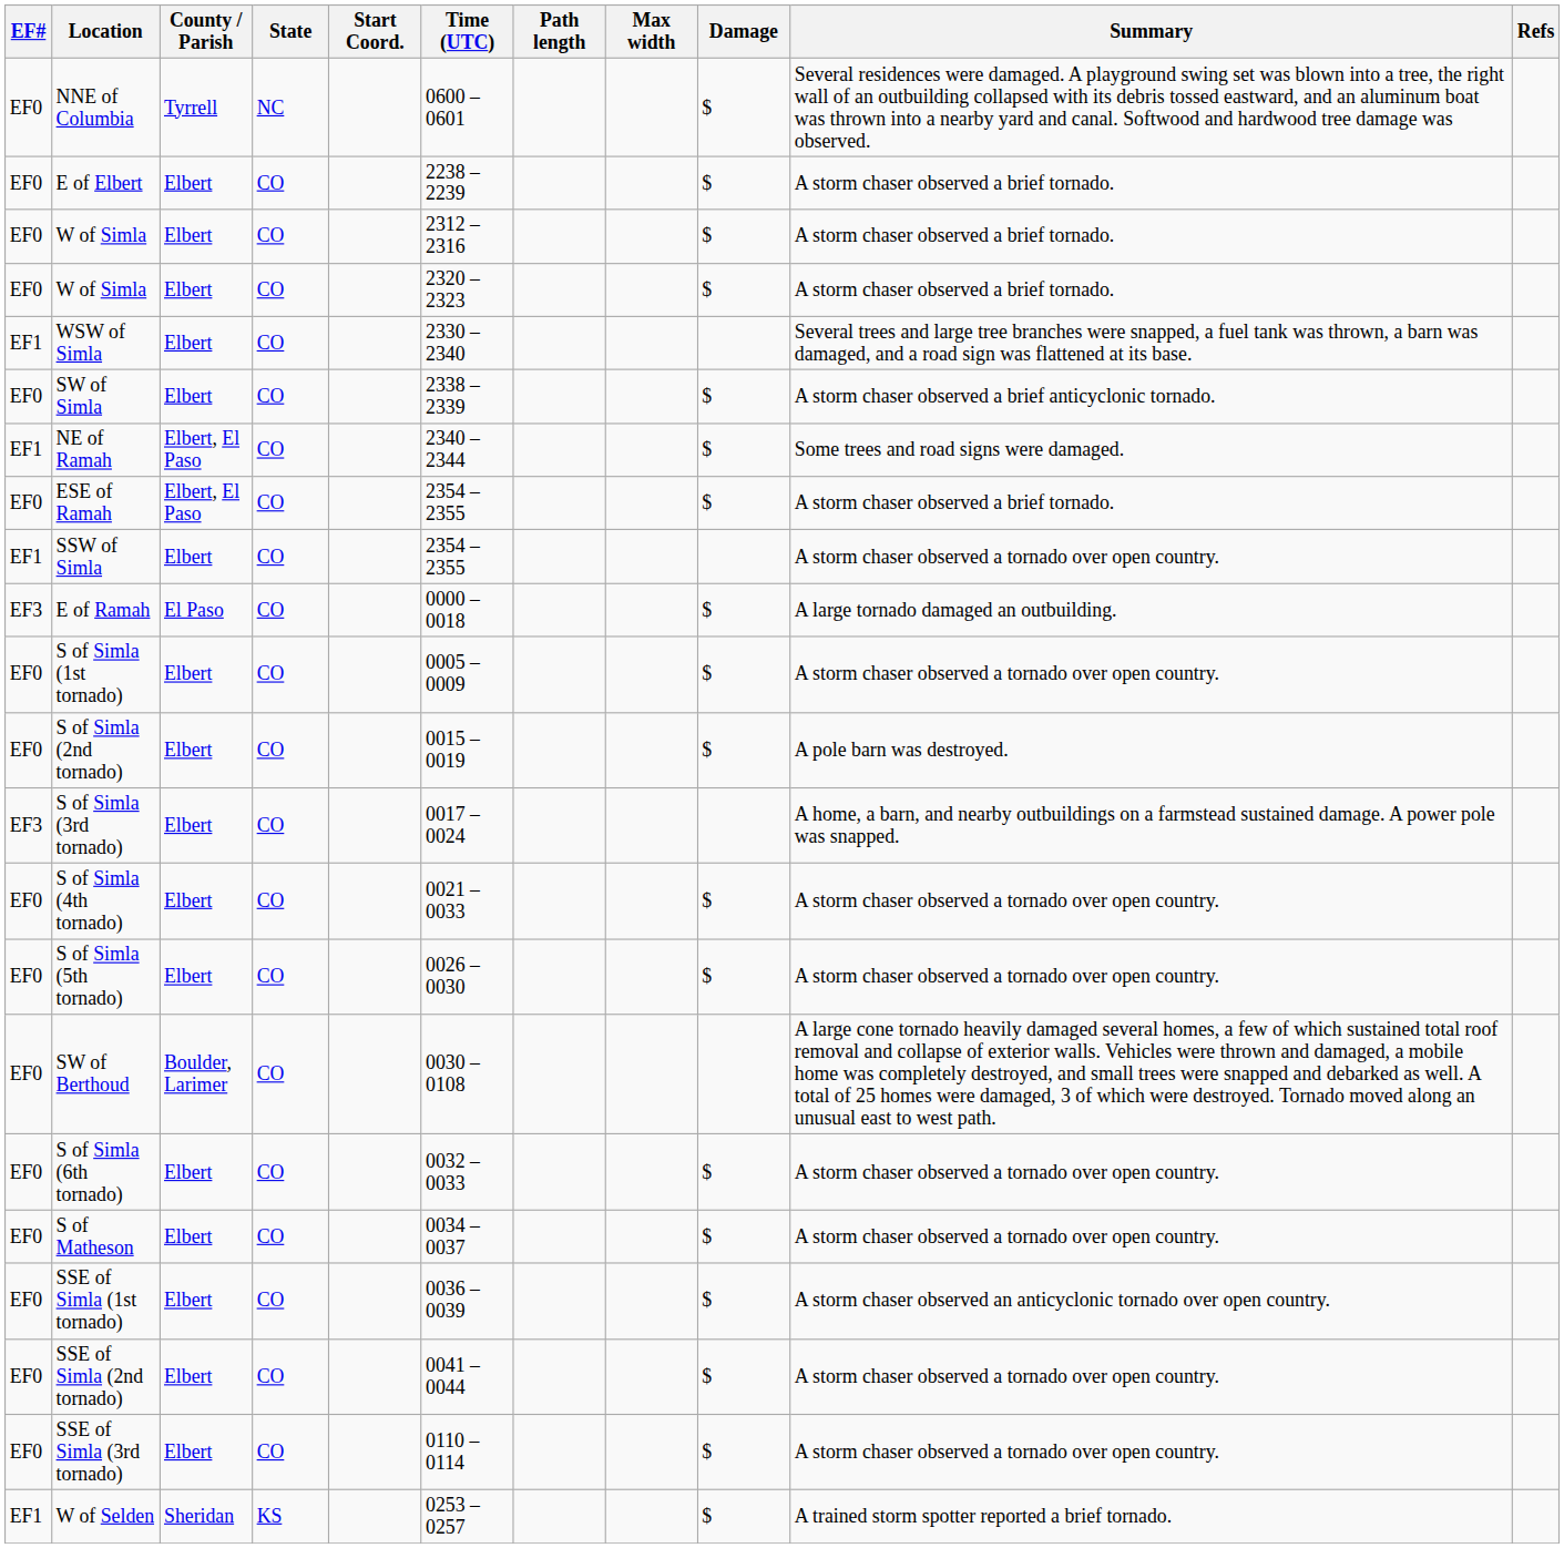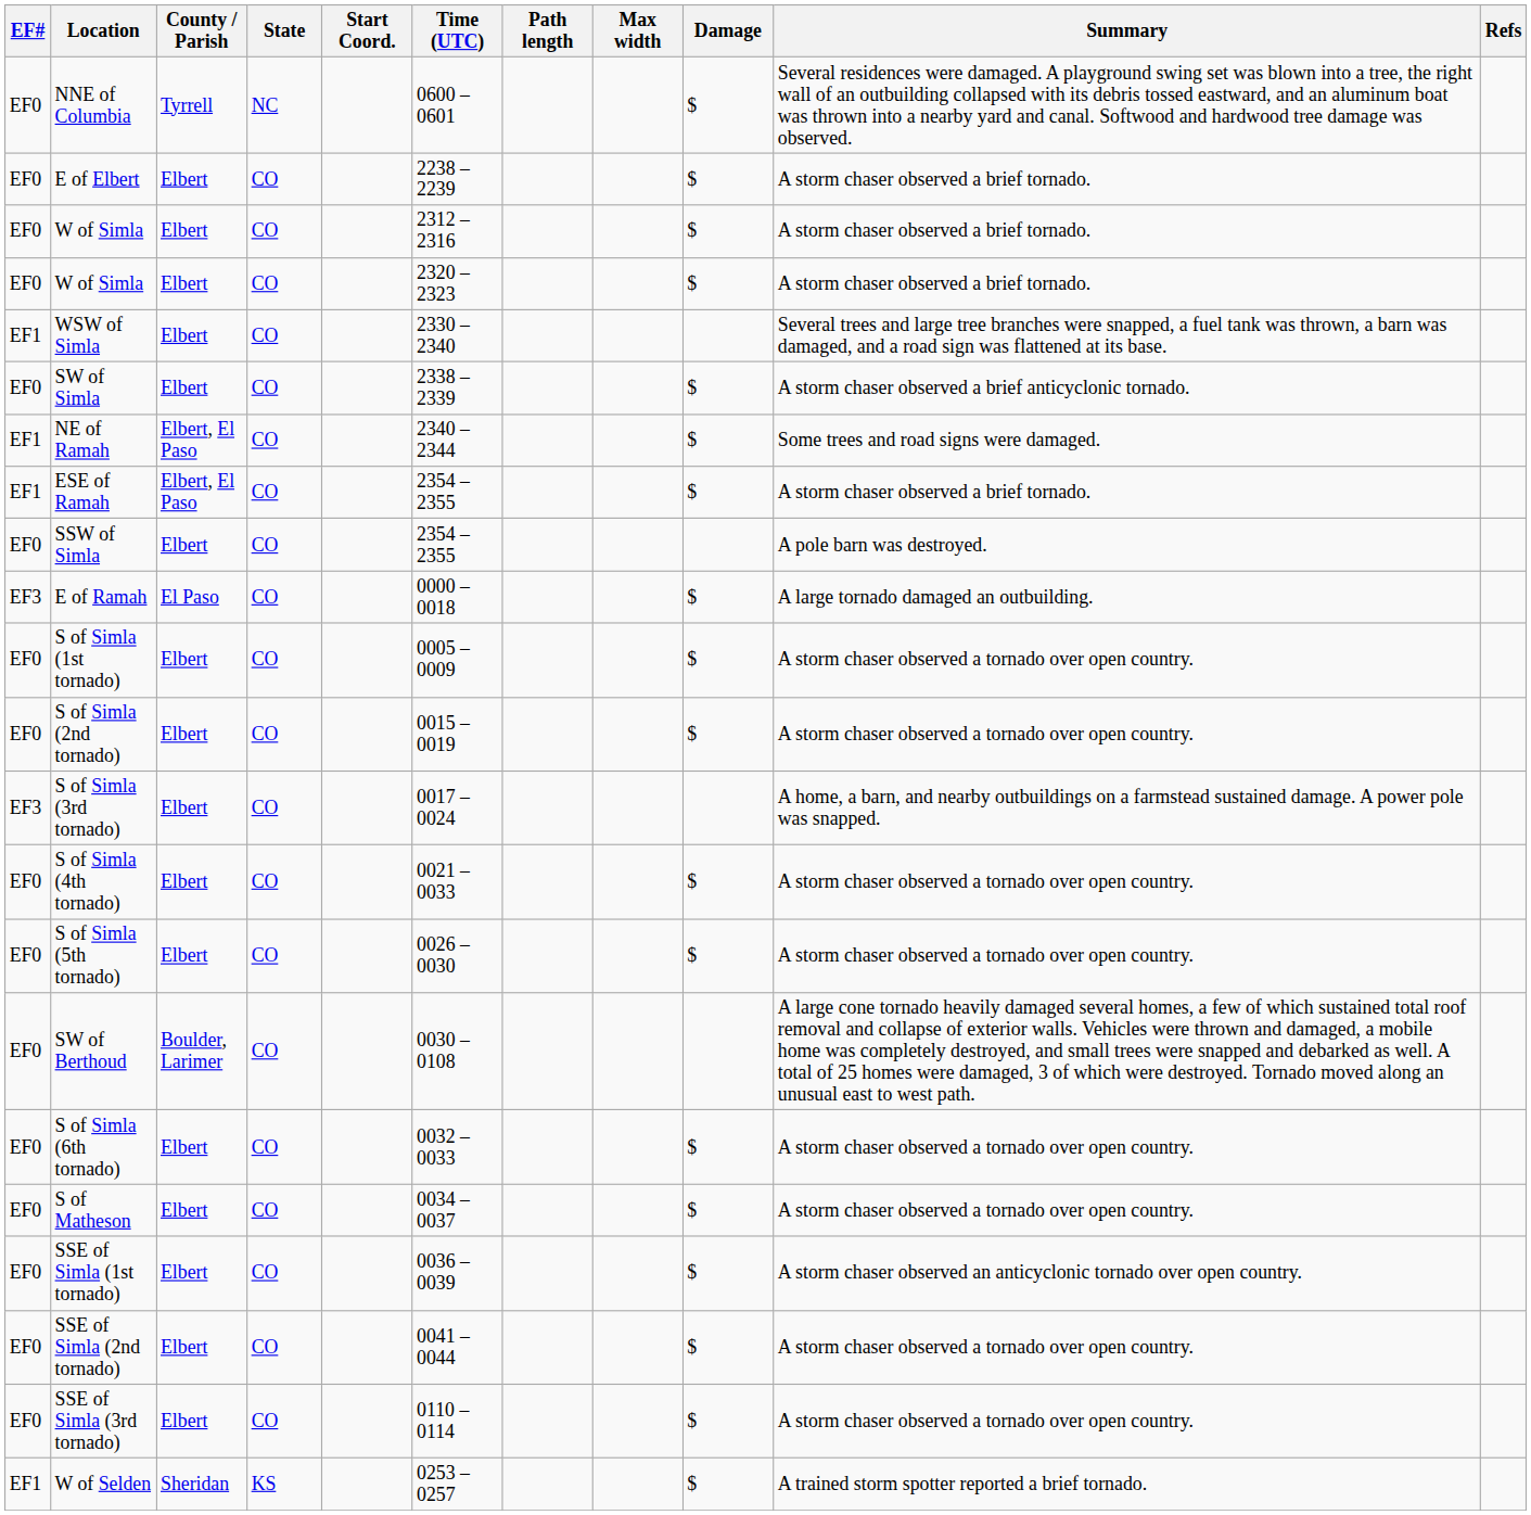 <table class="wikitable sortable" style="width:100%;">
 <tr>
 <th scope="col" width="3%" align="center"><a href='#'>EF#</a></th>
 <th scope="col" width="7%" align="center" class="unsortable">Location</th>
 <th scope="col" width="6%" align="center" class="unsortable">County / Parish</th>
 <th scope="col" width="5%" align="center">State</th>
 <th scope="col" width="6%" align="center">Start Coord.</th>
 <th scope="col" width="6%" align="center">Time (<a href='#'>UTC</a>)</th>
 <th scope="col" width="6%" align="center">Path length</th>
 <th scope="col" width="6%" align="center">Max width</th>
 <th scope="col" width="6%" align="center">Damage</th>
 <th scope="col" width="48%" class="unsortable" align="center">Summary</th>
 <th scope="col" width="48%" class="unsortable" align="center">Refs</th>
 </tr>
 <tr>
 <td>EF0</td>
 <td>NNE of <a href='#'>Columbia</a></td>
 <td><a href='#'>Tyrrell</a></td>
 <td><a href='#'>NC</a></td>
 <td></td>
 <td>0600 – 0601</td>
 <td></td>
 <td></td>
 <td>$</td>
 <td>Several residences were damaged. A playground swing set was blown into a tree, the right wall of an outbuilding collapsed with its debris tossed eastward, and an aluminum boat was thrown into a nearby yard and canal. Softwood and hardwood tree damage was observed.</td>
 <td></td>
 </tr>
 <tr>
 <td>EF0</td>
 <td>E of <a href='#'>Elbert</a></td>
 <td><a href='#'>Elbert</a></td>
 <td><a href='#'>CO</a></td>
 <td></td>
 <td>2238 – 2239</td>
 <td></td>
 <td></td>
 <td>$</td>
 <td>A storm chaser observed a brief tornado.</td>
 <td></td>
 </tr>
 <tr>
 <td>EF0</td>
 <td>W of <a href='#'>Simla</a></td>
 <td><a href='#'>Elbert</a></td>
 <td><a href='#'>CO</a></td>
 <td></td>
 <td>2312 – 2316</td>
 <td></td>
 <td></td>
 <td>$</td>
 <td>A storm chaser observed a brief tornado.</td>
 <td></td>
 </tr>
 <tr>
 <td>EF0</td>
 <td>W of <a href='#'>Simla</a></td>
 <td><a href='#'>Elbert</a></td>
 <td><a href='#'>CO</a></td>
 <td></td>
 <td>2320 – 2323</td>
 <td></td>
 <td></td>
 <td>$</td>
 <td>A storm chaser observed a brief tornado.</td>
 <td></td>
 </tr>
 <tr>
 <td>EF1</td>
 <td>WSW of <a href='#'>Simla</a></td>
 <td><a href='#'>Elbert</a></td>
 <td><a href='#'>CO</a></td>
 <td></td>
 <td>2330 – 2340</td>
 <td></td>
 <td></td>
 <td></td>
 <td>Several trees and large tree branches were snapped, a fuel tank was thrown, a barn was damaged, and a road sign was flattened at its base.</td>
 <td></td>
 </tr>
 <tr>
 <td>EF0</td>
 <td>SW of <a href='#'>Simla</a></td>
 <td><a href='#'>Elbert</a></td>
 <td><a href='#'>CO</a></td>
 <td></td>
 <td>2338 – 2339</td>
 <td></td>
 <td></td>
 <td>$</td>
 <td>A storm chaser observed a brief anticyclonic tornado.</td>
 <td></td>
 </tr>
 <tr>
 <td>EF1</td>
 <td>NE of <a href='#'>Ramah</a></td>
 <td><a href='#'>Elbert</a>, <a href='#'>El Paso</a></td>
 <td><a href='#'>CO</a></td>
 <td></td>
 <td>2340 – 2344</td>
 <td></td>
 <td></td>
 <td>$</td>
 <td>Some trees and road signs were damaged.</td>
 <td></td>
 </tr>
 <tr>
-<td>EF0</td>
+<td>EF1</td>
 <td>ESE of <a href='#'>Ramah</a></td>
 <td><a href='#'>Elbert</a>, <a href='#'>El Paso</a></td>
 <td><a href='#'>CO</a></td>
 <td></td>
 <td>2354 – 2355</td>
 <td></td>
 <td></td>
 <td>$</td>
 <td>A storm chaser observed a brief tornado.</td>
 <td></td>
 </tr>
 <tr>
-<td>EF1</td>
+<td>EF0</td>
 <td>SSW of <a href='#'>Simla</a></td>
 <td><a href='#'>Elbert</a></td>
 <td><a href='#'>CO</a></td>
 <td></td>
 <td>2354 – 2355</td>
 <td></td>
 <td></td>
 <td></td>
-<td>A storm chaser observed a tornado over open country.</td>
+<td>A pole barn was destroyed.</td>
 <td></td>
 </tr>
 <tr>
 <td>EF3</td>
 <td>E of <a href='#'>Ramah</a></td>
 <td><a href='#'>El Paso</a></td>
 <td><a href='#'>CO</a></td>
 <td></td>
 <td>0000 – 0018</td>
 <td></td>
 <td></td>
 <td>$</td>
 <td>A large tornado damaged an outbuilding.</td>
 <td></td>
 </tr>
 <tr>
 <td>EF0</td>
 <td>S of <a href='#'>Simla</a> (1st tornado)</td>
 <td><a href='#'>Elbert</a></td>
 <td><a href='#'>CO</a></td>
 <td></td>
 <td>0005 – 0009</td>
 <td></td>
 <td></td>
 <td>$</td>
 <td>A storm chaser observed a tornado over open country.</td>
 <td></td>
 </tr>
 <tr>
 <td>EF0</td>
 <td>S of <a href='#'>Simla</a> (2nd tornado)</td>
 <td><a href='#'>Elbert</a></td>
 <td><a href='#'>CO</a></td>
 <td></td>
 <td>0015 – 0019</td>
 <td></td>
 <td></td>
 <td>$</td>
-<td>A pole barn was destroyed.</td>
+<td>A storm chaser observed a tornado over open country.</td>
 <td></td>
 </tr>
 <tr>
 <td>EF3</td>
 <td>S of <a href='#'>Simla</a> (3rd tornado)</td>
 <td><a href='#'>Elbert</a></td>
 <td><a href='#'>CO</a></td>
 <td></td>
 <td>0017 – 0024</td>
 <td></td>
 <td></td>
 <td></td>
 <td>A home, a barn, and nearby outbuildings on a farmstead sustained damage. A power pole was snapped.</td>
 <td></td>
 </tr>
 <tr>
 <td>EF0</td>
 <td>S of <a href='#'>Simla</a> (4th tornado)</td>
 <td><a href='#'>Elbert</a></td>
 <td><a href='#'>CO</a></td>
 <td></td>
 <td>0021 – 0033</td>
 <td></td>
 <td></td>
 <td>$</td>
 <td>A storm chaser observed a tornado over open country.</td>
 <td></td>
 </tr>
 <tr>
 <td>EF0</td>
 <td>S of <a href='#'>Simla</a> (5th tornado)</td>
 <td><a href='#'>Elbert</a></td>
 <td><a href='#'>CO</a></td>
 <td></td>
 <td>0026 – 0030</td>
 <td></td>
 <td></td>
 <td>$</td>
 <td>A storm chaser observed a tornado over open country.</td>
 <td></td>
 </tr>
 <tr>
 <td>EF0</td>
 <td>SW of <a href='#'>Berthoud</a></td>
 <td><a href='#'>Boulder</a>, <a href='#'>Larimer</a></td>
 <td><a href='#'>CO</a></td>
 <td></td>
 <td>0030 – 0108</td>
 <td></td>
 <td></td>
 <td></td>
 <td>A large cone tornado heavily damaged several homes, a few of which sustained total roof removal and collapse of exterior walls. Vehicles were thrown and damaged, a mobile home was completely destroyed, and small trees were snapped and debarked as well. A total of 25 homes were damaged, 3 of which were destroyed. Tornado moved along an unusual east to west path.</td>
 <td></td>
 </tr>
 <tr>
 <td>EF0</td>
 <td>S of <a href='#'>Simla</a> (6th tornado)</td>
 <td><a href='#'>Elbert</a></td>
 <td><a href='#'>CO</a></td>
 <td></td>
 <td>0032 – 0033</td>
 <td></td>
 <td></td>
 <td>$</td>
 <td>A storm chaser observed a tornado over open country.</td>
 <td></td>
 </tr>
 <tr>
 <td>EF0</td>
 <td>S of <a href='#'>Matheson</a></td>
 <td><a href='#'>Elbert</a></td>
 <td><a href='#'>CO</a></td>
 <td></td>
 <td>0034 – 0037</td>
 <td></td>
 <td></td>
 <td>$</td>
 <td>A storm chaser observed a tornado over open country.</td>
 <td></td>
 </tr>
 <tr>
 <td>EF0</td>
 <td>SSE of <a href='#'>Simla</a> (1st tornado)</td>
 <td><a href='#'>Elbert</a></td>
 <td><a href='#'>CO</a></td>
 <td></td>
 <td>0036 – 0039</td>
 <td></td>
 <td></td>
 <td>$</td>
 <td>A storm chaser observed an anticyclonic tornado over open country.</td>
 <td></td>
 </tr>
 <tr>
 <td>EF0</td>
 <td>SSE of <a href='#'>Simla</a> (2nd tornado)</td>
 <td><a href='#'>Elbert</a></td>
 <td><a href='#'>CO</a></td>
 <td></td>
 <td>0041 – 0044</td>
 <td></td>
 <td></td>
 <td>$</td>
 <td>A storm chaser observed a tornado over open country.</td>
 <td></td>
 </tr>
 <tr>
 <td>EF0</td>
 <td>SSE of <a href='#'>Simla</a> (3rd tornado)</td>
 <td><a href='#'>Elbert</a></td>
 <td><a href='#'>CO</a></td>
 <td></td>
 <td>0110 – 0114</td>
 <td></td>
 <td></td>
 <td>$</td>
 <td>A storm chaser observed a tornado over open country.</td>
 <td></td>
 </tr>
 <tr>
 <td>EF1</td>
 <td>W of <a href='#'>Selden</a></td>
 <td><a href='#'>Sheridan</a></td>
 <td><a href='#'>KS</a></td>
 <td></td>
 <td>0253 – 0257</td>
 <td></td>
 <td></td>
 <td>$</td>
 <td>A trained storm spotter reported a brief tornado.</td>
 <td></td>
 </tr>
 <tr>
 </tr>
 </table>
